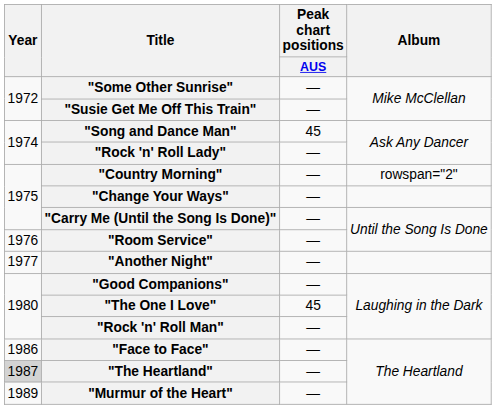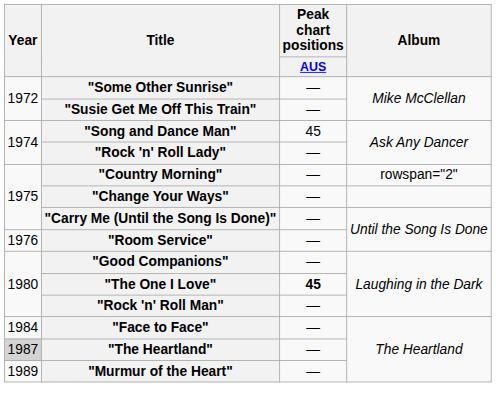 <table class="wikitable plainrowheaders" style="text-align:center">
 <tr>
 <th scope="col" rowspan="2">Year</th>
 <th scope="col" rowspan="2">Title</th>
 <th scope="col" colspan="1">Peak chart positions</th>
 <th scope="col" rowspan="2">Album</th>
 </tr>
 <tr>
 <th scope="col" style="width:3em; font-size:90%"><a href='#'>AUS</a><br></th>
 </tr>
 <tr>
 <td rowspan="2">1972</td>
 <th scope="row">"Some Other Sunrise"</th>
 <td>—</td>
 <td rowspan="2"><em>Mike McClellan</em></td>
 </tr>
 <tr>
 <th scope="row">"Susie Get Me Off This Train"</th>
 <td>—</td>
 </tr>
 <tr>
 <td rowspan="2">1974</td>
 <th scope="row">"Song and Dance Man"</th>
 <td>45</td>
 <td rowspan="2"><em>Ask Any Dancer</em></td>
 </tr>
 <tr>
 <th scope="row">"Rock 'n' Roll Lady"</th>
 <td>—</td>
 </tr>
 <tr>
 <td rowspan="3">1975</td>
 <th scope="row">"Country Morning"</th>
 <td>—</td>
 <td>rowspan="2" </td>
 </tr>
 <tr>
 <th scope="row">"Change Your Ways"</th>
 <td>—</td>
 </tr>
 <tr>
 <th scope="row">"Carry Me (Until the Song Is Done)"</th>
 <td>—</td>
 <td rowspan="2"><em>Until the Song Is Done</em></td>
 </tr>
 <tr>
 <td>1976</td>
 <th scope="row">"Room Service"</th>
 <td>—</td>
 </tr>
 <tr>
-<td>1977</td>
-<th scope="row">"Another Night"</th>
-<td>—</td>
-<td></td>
-</tr>
-<tr>
 <td rowspan="3">1980</td>
 <th scope="row">"Good Companions"</th>
 <td>—</td>
 <td rowspan="3"><em>Laughing in the Dark</em></td>
 </tr>
 <tr>
 <th scope="row">"The One I Love"</th>
-<td>45</td>
+<td><strong>45</strong></td>
 </tr>
 <tr>
 <th scope="row">"Rock 'n' Roll Man"</th>
 <td>—</td>
 </tr>
 <tr>
-<td>1986</td>
+<td>1984</td>
 <th scope="row">"Face to Face"</th>
 <td>—</td>
 <td rowspan="3"><em>The Heartland</em></td>
 </tr>
 <tr>
 <td style="background: lightgrey;">1987</td>
 <th scope="row">"The Heartland"</th>
 <td>—</td>
 </tr>
 <tr>
 <td>1989</td>
 <th scope="row">"Murmur of the Heart"</th>
 <td>—</td>
 </tr>
 </table>
